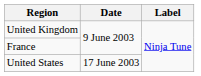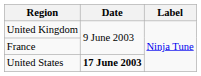 <table class="wikitable plainrowheaders">
 <tr>
 <th scope="col">Region</th>
 <th scope="col">Date</th>
 <th scope="col">Label</th>
 </tr>
 <tr>
 <td scope="row">United Kingdom</td>
 <td rowspan=2>9 June 2003</td>
 <td rowspan=3><a href='#'>Ninja Tune</a></td>
 </tr>
 <tr>
 <td scope="row">France</td>
 </tr>
 <tr>
 <td scope="row">United States</td>
-<td>17 June 2003</td>
+<td><strong>17 June 2003</strong></td>
 </tr>
 </table>
